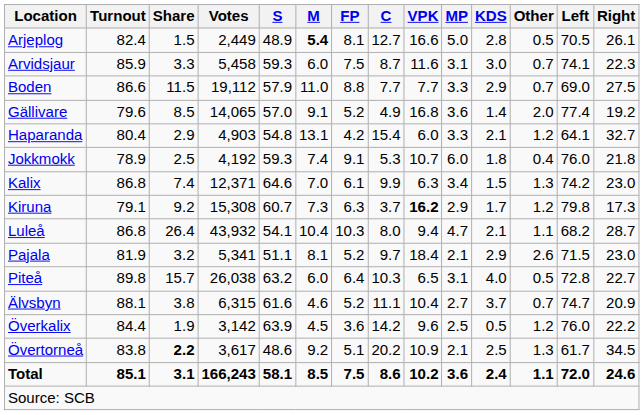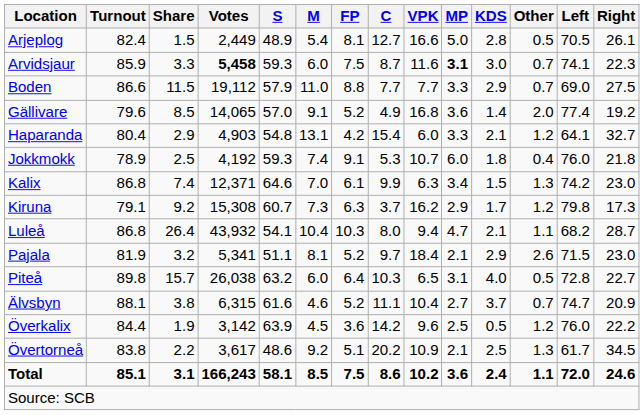 <table class="wikitable sortable" style=text-align:right>
 <tr>
 <th>Location</th>
 <th>Turnout</th>
 <th>Share</th>
 <th>Votes</th>
 <th><a href='#'>S</a></th>
 <th><a href='#'>M</a></th>
 <th><a href='#'>FP</a></th>
 <th><a href='#'>C</a></th>
 <th><a href='#'>VPK</a></th>
 <th><a href='#'>MP</a></th>
 <th><a href='#'>KDS</a></th>
 <th>Other</th>
 <th>Left</th>
 <th>Right</th>
 </tr>
 <tr>
 <td align=left><a href='#'>Arjeplog</a></td>
 <td>82.4</td>
 <td>1.5</td>
 <td>2,449</td>
 <td>48.9</td>
-<td><strong>5.4</strong></td>
+<td>5.4</td>
 <td>8.1</td>
 <td>12.7</td>
 <td>16.6</td>
 <td>5.0</td>
 <td>2.8</td>
 <td>0.5</td>
 <td>70.5</td>
 <td>26.1</td>
 </tr>
 <tr>
 <td align=left><a href='#'>Arvidsjaur</a></td>
 <td>85.9</td>
 <td>3.3</td>
-<td>5,458</td>
+<td><strong>5,458</strong></td>
 <td>59.3</td>
 <td>6.0</td>
 <td>7.5</td>
 <td>8.7</td>
 <td>11.6</td>
-<td>3.1</td>
+<td><strong>3.1</strong></td>
 <td>3.0</td>
 <td>0.7</td>
 <td>74.1</td>
 <td>22.3</td>
 </tr>
 <tr>
 <td align=left><a href='#'>Boden</a></td>
 <td>86.6</td>
 <td>11.5</td>
 <td>19,112</td>
 <td>57.9</td>
 <td>11.0</td>
 <td>8.8</td>
 <td>7.7</td>
 <td>7.7</td>
 <td>3.3</td>
 <td>2.9</td>
 <td>0.7</td>
 <td>69.0</td>
 <td>27.5</td>
 </tr>
 <tr>
 <td align=left><a href='#'>Gällivare</a></td>
 <td>79.6</td>
 <td>8.5</td>
 <td>14,065</td>
 <td>57.0</td>
 <td>9.1</td>
 <td>5.2</td>
 <td>4.9</td>
 <td>16.8</td>
 <td>3.6</td>
 <td>1.4</td>
 <td>2.0</td>
 <td>77.4</td>
 <td>19.2</td>
 </tr>
 <tr>
 <td align=left><a href='#'>Haparanda</a></td>
 <td>80.4</td>
 <td>2.9</td>
 <td>4,903</td>
 <td>54.8</td>
 <td>13.1</td>
 <td>4.2</td>
 <td>15.4</td>
 <td>6.0</td>
 <td>3.3</td>
 <td>2.1</td>
 <td>1.2</td>
 <td>64.1</td>
 <td>32.7</td>
 </tr>
 <tr>
 <td align=left><a href='#'>Jokkmokk</a></td>
 <td>78.9</td>
 <td>2.5</td>
 <td>4,192</td>
 <td>59.3</td>
 <td>7.4</td>
 <td>9.1</td>
 <td>5.3</td>
 <td>10.7</td>
 <td>6.0</td>
 <td>1.8</td>
 <td>0.4</td>
 <td>76.0</td>
 <td>21.8</td>
 </tr>
 <tr>
 <td align=left><a href='#'>Kalix</a></td>
 <td>86.8</td>
 <td>7.4</td>
 <td>12,371</td>
 <td>64.6</td>
 <td>7.0</td>
 <td>6.1</td>
 <td>9.9</td>
 <td>6.3</td>
 <td>3.4</td>
 <td>1.5</td>
 <td>1.3</td>
 <td>74.2</td>
 <td>23.0</td>
 </tr>
 <tr>
 <td align=left><a href='#'>Kiruna</a></td>
 <td>79.1</td>
 <td>9.2</td>
 <td>15,308</td>
 <td>60.7</td>
 <td>7.3</td>
 <td>6.3</td>
 <td>3.7</td>
-<td><strong>16.2</strong></td>
+<td>16.2</td>
 <td>2.9</td>
 <td>1.7</td>
 <td>1.2</td>
 <td>79.8</td>
 <td>17.3</td>
 </tr>
 <tr>
 <td align=left><a href='#'>Luleå</a></td>
 <td>86.8</td>
 <td>26.4</td>
 <td>43,932</td>
 <td>54.1</td>
 <td>10.4</td>
 <td>10.3</td>
 <td>8.0</td>
 <td>9.4</td>
 <td>4.7</td>
 <td>2.1</td>
 <td>1.1</td>
 <td>68.2</td>
 <td>28.7</td>
 </tr>
 <tr>
 <td align=left><a href='#'>Pajala</a></td>
 <td>81.9</td>
 <td>3.2</td>
 <td>5,341</td>
 <td>51.1</td>
 <td>8.1</td>
 <td>5.2</td>
 <td>9.7</td>
 <td>18.4</td>
 <td>2.1</td>
 <td>2.9</td>
 <td>2.6</td>
 <td>71.5</td>
 <td>23.0</td>
 </tr>
 <tr>
 <td align=left><a href='#'>Piteå</a></td>
 <td>89.8</td>
 <td>15.7</td>
 <td>26,038</td>
 <td>63.2</td>
 <td>6.0</td>
 <td>6.4</td>
 <td>10.3</td>
 <td>6.5</td>
 <td>3.1</td>
 <td>4.0</td>
 <td>0.5</td>
 <td>72.8</td>
 <td>22.7</td>
 </tr>
 <tr>
 <td align=left><a href='#'>Älvsbyn</a></td>
 <td>88.1</td>
 <td>3.8</td>
 <td>6,315</td>
 <td>61.6</td>
 <td>4.6</td>
 <td>5.2</td>
 <td>11.1</td>
 <td>10.4</td>
 <td>2.7</td>
 <td>3.7</td>
 <td>0.7</td>
 <td>74.7</td>
 <td>20.9</td>
 </tr>
 <tr>
 <td align=left><a href='#'>Överkalix</a></td>
 <td>84.4</td>
 <td>1.9</td>
 <td>3,142</td>
 <td>63.9</td>
 <td>4.5</td>
 <td>3.6</td>
 <td>14.2</td>
 <td>9.6</td>
 <td>2.5</td>
 <td>0.5</td>
 <td>1.2</td>
 <td>76.0</td>
 <td>22.2</td>
 </tr>
 <tr>
 <td align=left><a href='#'>Övertorneå</a></td>
 <td>83.8</td>
-<td><strong>2.2</strong></td>
+<td>2.2</td>
 <td>3,617</td>
 <td>48.6</td>
 <td>9.2</td>
 <td>5.1</td>
 <td>20.2</td>
 <td>10.9</td>
 <td>2.1</td>
 <td>2.5</td>
 <td>1.3</td>
 <td>61.7</td>
 <td>34.5</td>
 </tr>
 <tr>
 <td align=left><strong>Total</strong></td>
 <td><strong>85.1</strong></td>
 <td><strong>3.1</strong></td>
 <td><strong>166,243</strong></td>
 <td><strong>58.1</strong></td>
 <td><strong>8.5</strong></td>
 <td><strong>7.5</strong></td>
 <td><strong>8.6</strong></td>
 <td><strong>10.2</strong></td>
 <td><strong>3.6</strong></td>
 <td><strong>2.4</strong></td>
 <td><strong>1.1</strong></td>
 <td><strong>72.0</strong></td>
 <td><strong>24.6</strong></td>
 </tr>
 <tr>
 <td align=left colspan=14>Source: SCB </td>
 </tr>
 </table>
